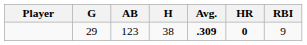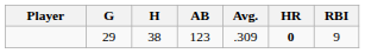 <table class="wikitable sortable">
 <tr>
 <th bgcolor="#DDDDFF" width="16%">Player</th>
 <th bgcolor="#DDDDFF" width="9%">G</th>
+<th bgcolor="#DDDDFF" width="9%">H</th>
 <th bgcolor="#DDDDFF" width="9%">AB</th>
-<th bgcolor="#DDDDFF" width="9%">H</th>
 <th bgcolor="#DDDDFF" width="9%">Avg.</th>
 <th bgcolor="#DDDDFF" width="9%">HR</th>
 <th bgcolor="#DDDDFF" width="9%">RBI</th>
 </tr>
 <tr align="center">
 <td></td>
 <td>29</td>
+<td>38</td>
 <td>123</td>
-<td>38</td>
-<td><strong>.309</strong></td>
+<td>.309</td>
 <td><strong>0</strong></td>
 <td>9</td>
 </tr>
 </table>
